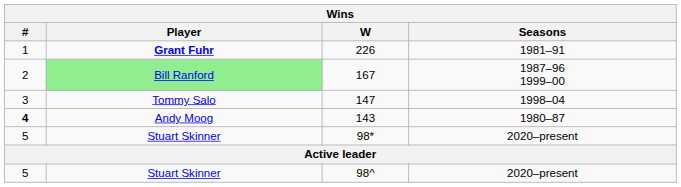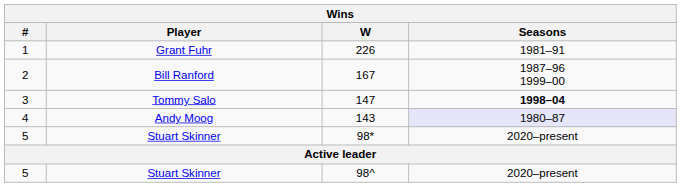 <table class="wikitable" style="text-align: center; font-size: 95%" width="70%">
 <tr>
 <th colspan="4">Wins</th>
 </tr>
 <tr>
 <th>#</th>
 <th>Player</th>
 <th>W</th>
 <th>Seasons</th>
 </tr>
 <tr>
 <td>1</td>
-<td><strong><a href='#'>Grant Fuhr</a></strong></td>
+<td><a href='#'>Grant Fuhr</a></td>
 <td>226</td>
 <td>1981–91</td>
 </tr>
 <tr>
 <td>2</td>
-<td style="background: lightgreen;"><a href='#'>Bill Ranford</a></td>
+<td><a href='#'>Bill Ranford</a></td>
 <td>167</td>
 <td>1987–96<br>1999–00</td>
 </tr>
 <tr>
 <td>3</td>
 <td><a href='#'>Tommy Salo</a></td>
 <td>147</td>
-<td>1998–04</td>
+<td><strong>1998–04</strong></td>
 </tr>
 <tr>
-<td><strong>4</strong></td>
+<td>4</td>
 <td><a href='#'>Andy Moog</a></td>
 <td>143</td>
-<td>1980–87</td>
+<td style="background: lavender;">1980–87</td>
 </tr>
 <tr>
 <td>5</td>
 <td><a href='#'>Stuart Skinner</a></td>
 <td>98*</td>
 <td>2020–present</td>
 </tr>
 <tr>
 <th colspan="4">Active leader</th>
 </tr>
 <tr>
 <td>5</td>
 <td><a href='#'>Stuart Skinner</a></td>
 <td>98^</td>
 <td>2020–present</td>
 </tr>
 </table>
